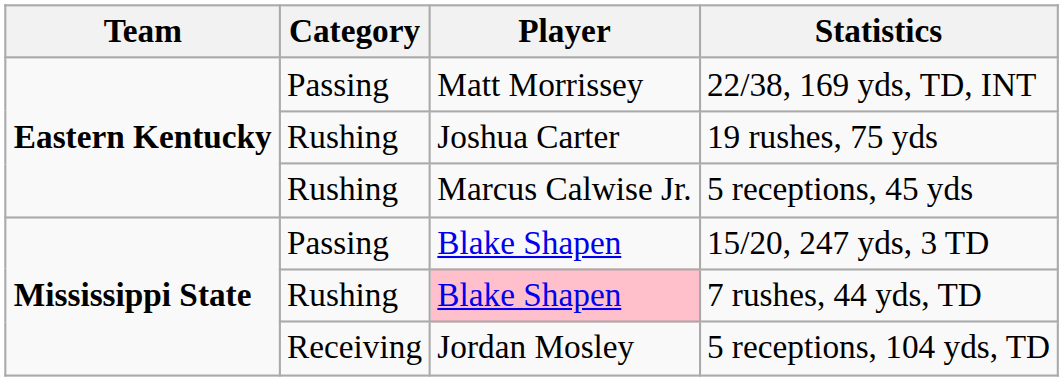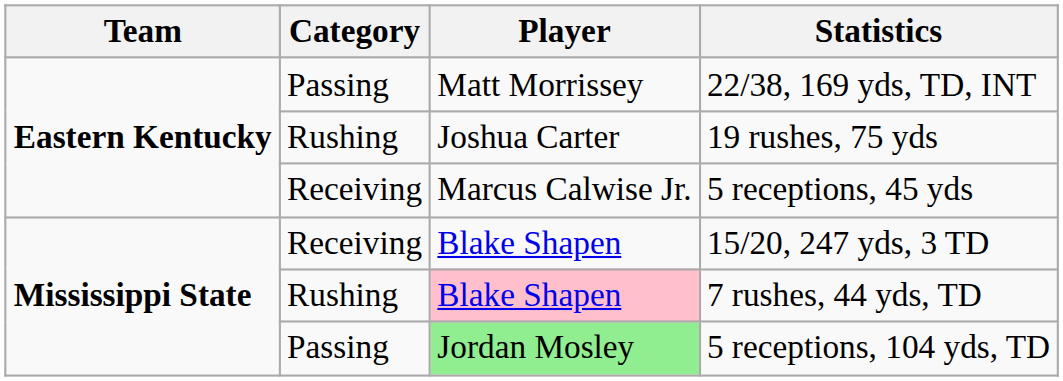 <table class="wikitable" style="float: right;">
 <tr>
 <th>Team</th>
 <th>Category</th>
 <th>Player</th>
 <th>Statistics</th>
 </tr>
 <tr>
 <td rowspan=3><strong>Eastern Kentucky</strong></td>
 <td>Passing</td>
 <td>Matt Morrissey</td>
 <td>22/38, 169 yds, TD, INT</td>
 </tr>
 <tr>
 <td>Rushing</td>
 <td>Joshua Carter</td>
 <td>19 rushes, 75 yds</td>
 </tr>
 <tr>
-<td>Rushing</td>
+<td>Receiving</td>
 <td>Marcus Calwise Jr.</td>
 <td>5 receptions, 45 yds</td>
 </tr>
 <tr>
 <td rowspan=3><strong>Mississippi State</strong></td>
-<td>Passing</td>
+<td>Receiving</td>
 <td><a href='#'>Blake Shapen</a></td>
 <td>15/20, 247 yds, 3 TD</td>
 </tr>
 <tr>
 <td>Rushing</td>
 <td style="background: pink;"><a href='#'>Blake Shapen</a></td>
 <td>7 rushes, 44 yds, TD</td>
 </tr>
 <tr>
-<td>Receiving</td>
-<td>Jordan Mosley</td>
+<td>Passing</td>
+<td style="background: lightgreen;">Jordan Mosley</td>
 <td>5 receptions, 104 yds, TD</td>
 </tr>
 </table>
